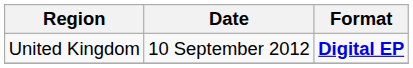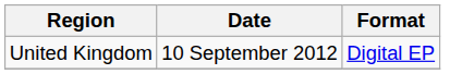 <table class=wikitable>
 <tr>
 <th>Region</th>
 <th>Date</th>
 <th>Format</th>
 </tr>
 <tr>
 <td>United Kingdom</td>
 <td>10 September 2012</td>
-<td><strong><a href='#'>Digital EP</a></strong></td>
+<td><a href='#'>Digital EP</a></td>
 </tr>
 <tr>
 </tr>
 </table>
